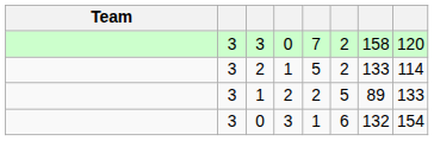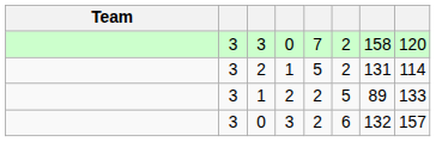 <table class="wikitable" style="text-align:center;">
 <tr>
 <th width=200>Team</th>
 <th width=20></th>
 <th width=20></th>
 <th width=20></th>
 <th width=20></th>
 <th width=20></th>
 <th width=20></th>
 <th width=20></th>
 </tr>
 <tr bgcolor="#ccffcc">
 <td align=left></td>
 <td>3</td>
 <td>3</td>
 <td>0</td>
 <td>7</td>
 <td>2</td>
 <td>158</td>
 <td>120</td>
 </tr>
 <tr>
 <td align=left></td>
 <td>3</td>
 <td>2</td>
 <td>1</td>
 <td>5</td>
 <td>2</td>
-<td>133</td>
+<td>131</td>
 <td>114</td>
 </tr>
 <tr>
 <td align=left></td>
 <td>3</td>
 <td>1</td>
 <td>2</td>
 <td>2</td>
 <td>5</td>
 <td>89</td>
 <td>133</td>
 </tr>
 <tr>
 <td align=left></td>
 <td>3</td>
 <td>0</td>
 <td>3</td>
-<td>1</td>
+<td>2</td>
 <td>6</td>
 <td>132</td>
-<td>154</td>
+<td>157</td>
 </tr>
 </table>
